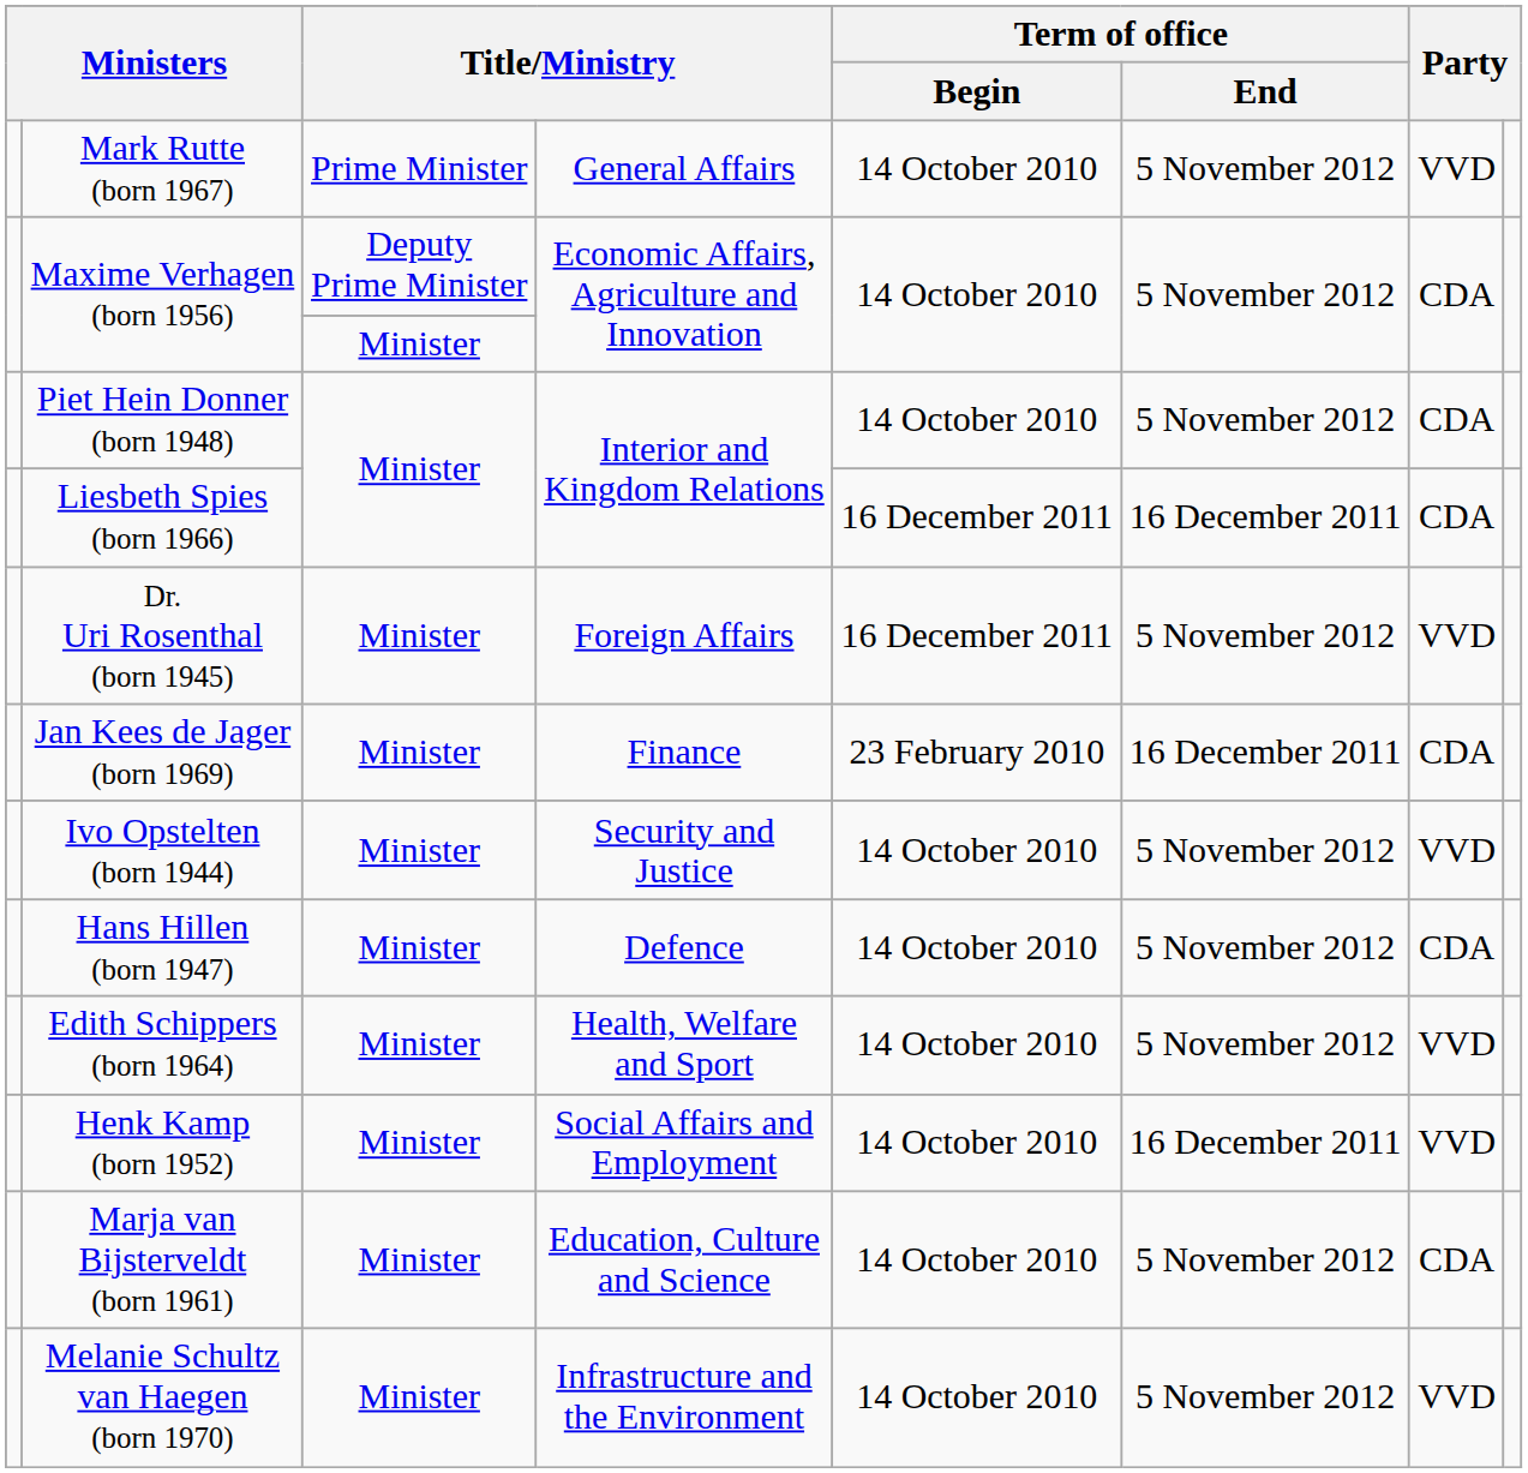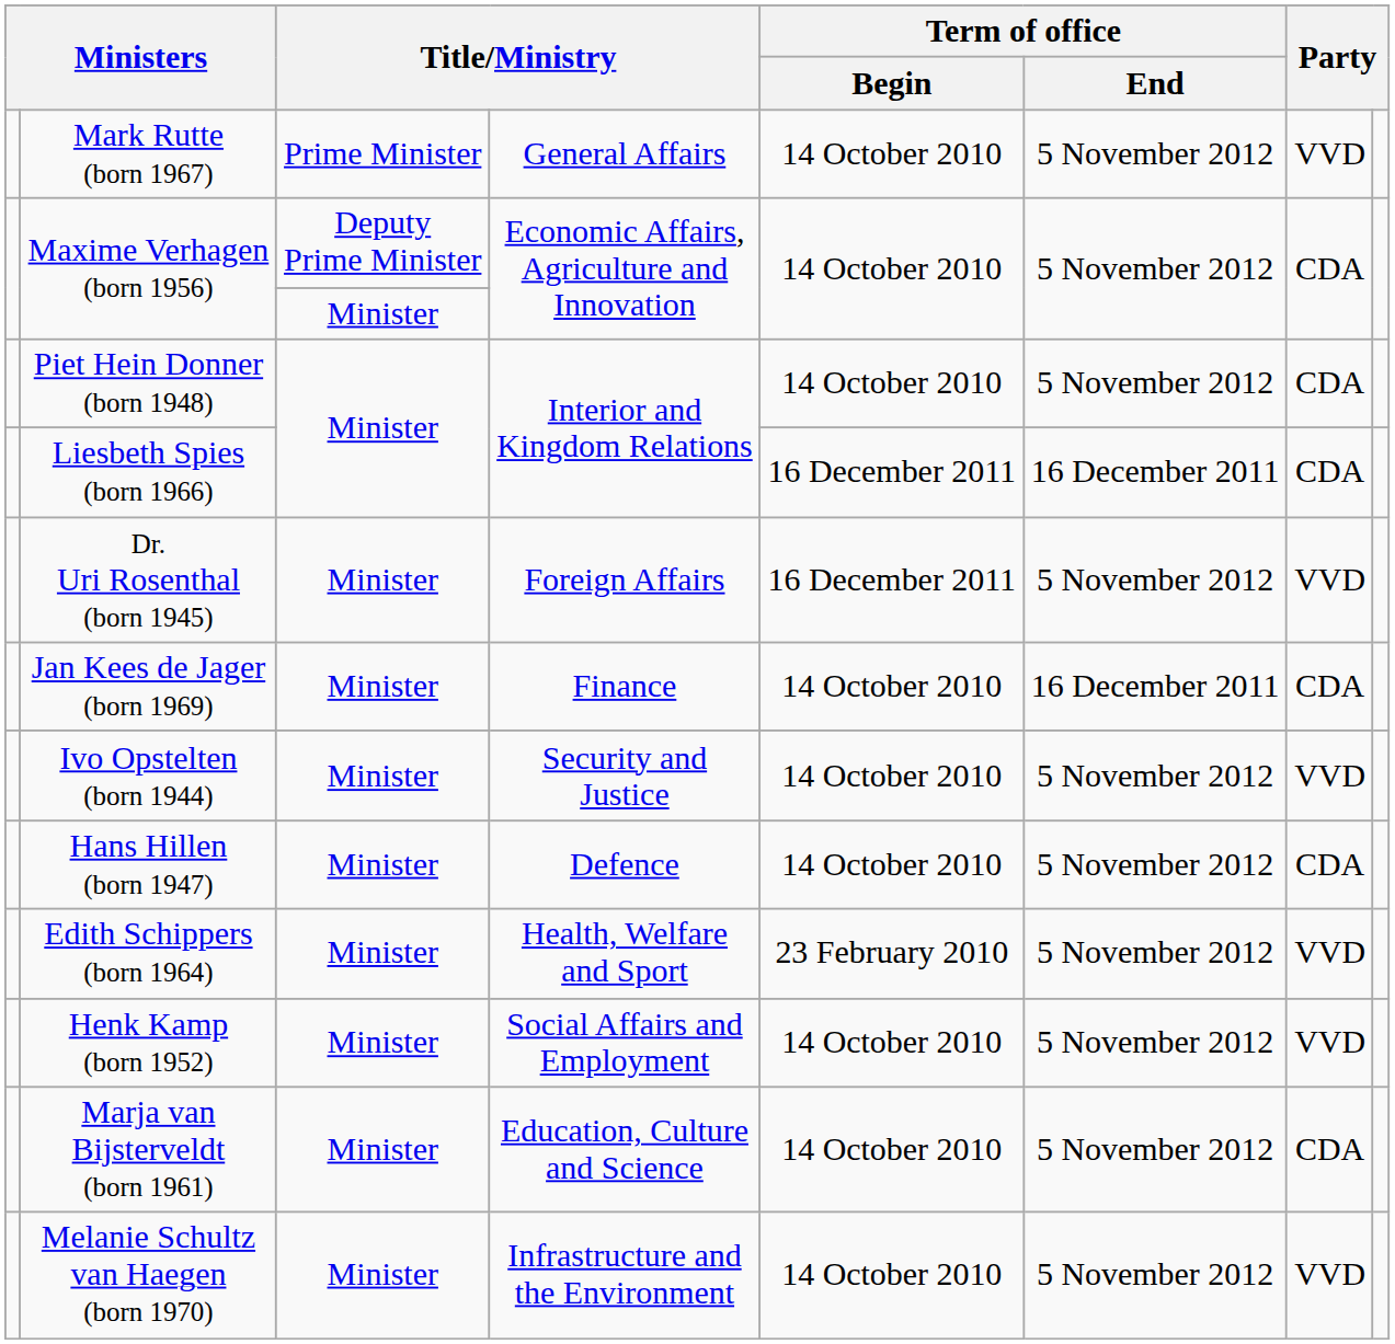 <table class="wikitable sortable" style="text-align:center">
 <tr>
 <th rowspan=2 colspan=2><a href='#'>Ministers</a></th>
 <th colspan=2 rowspan=2>Title/<a href='#'>Ministry</a></th>
 <th class=unsortable colspan="2">Term of office</th>
 <th rowspan=2 colspan=2>Party</th>
 </tr>
 <tr>
 <th data-sort-type=date>Begin</th>
 <th data-sort-type=date>End</th>
 </tr>
 <tr>
 <td></td>
 <td><a href='#'>Mark Rutte</a> <br> <small>(born 1967)</small></td>
 <td><a href='#'>Prime Minister</a></td>
 <td><a href='#'>General Affairs</a></td>
 <td>14 October 2010</td>
 <td>5 November 2012</td>
 <td>VVD</td>
 <td style="background:"></td>
 </tr>
 <tr>
 <td rowspan=2></td>
 <td rowspan=2><a href='#'>Maxime Verhagen</a> <br> <small>(born 1956)</small></td>
 <td><a href='#'>Deputy <br> Prime Minister</a></td>
 <td rowspan=2><a href='#'>Economic Affairs</a>, <br> <a href='#'>Agriculture and <br> Innovation</a></td>
 <td rowspan=2>14 October 2010</td>
 <td rowspan=2>5 November 2012</td>
 <td rowspan=2>CDA</td>
 <td rowspan=2 style="background:"></td>
 </tr>
 <tr>
 <td><a href='#'>Minister</a></td>
 </tr>
 <tr>
 <td></td>
 <td><a href='#'>Piet Hein Donner</a> <br> <small>(born 1948)</small></td>
 <td rowspan=2><a href='#'>Minister</a></td>
 <td rowspan=2><a href='#'>Interior and <br> Kingdom Relations</a></td>
 <td>14 October 2010</td>
 <td>5 November 2012</td>
 <td>CDA</td>
 <td style="background:"></td>
 </tr>
 <tr>
 <td></td>
 <td><a href='#'>Liesbeth Spies</a> <br> <small>(born 1966)</small></td>
 <td>16 December 2011</td>
 <td>16 December 2011</td>
 <td>CDA</td>
 <td style="background:"></td>
 </tr>
 <tr>
 <td></td>
 <td><small>Dr.</small> <br> <a href='#'>Uri Rosenthal</a> <br> <small>(born 1945)</small></td>
 <td><a href='#'>Minister</a></td>
 <td><a href='#'>Foreign Affairs</a></td>
 <td>16 December 2011</td>
 <td>5 November 2012</td>
 <td>VVD</td>
 <td style="background:"></td>
 </tr>
 <tr>
 <td></td>
 <td><a href='#'>Jan Kees de Jager</a> <br> <small>(born 1969)</small></td>
 <td><a href='#'>Minister</a></td>
 <td><a href='#'>Finance</a></td>
-<td>23 February 2010</td>
+<td>14 October 2010</td>
 <td>16 December 2011</td>
 <td>CDA</td>
 <td style="background:"></td>
 </tr>
 <tr>
 <td></td>
 <td><a href='#'>Ivo Opstelten</a> <br> <small>(born 1944)</small></td>
 <td><a href='#'>Minister</a></td>
 <td><a href='#'>Security and <br> Justice</a></td>
 <td>14 October 2010</td>
 <td>5 November 2012</td>
 <td>VVD</td>
 <td style="background:"></td>
 </tr>
 <tr>
 <td></td>
 <td><a href='#'>Hans Hillen</a> <br> <small>(born 1947)</small></td>
 <td><a href='#'>Minister</a></td>
 <td><a href='#'>Defence</a></td>
 <td>14 October 2010</td>
 <td>5 November 2012</td>
 <td>CDA</td>
 <td style="background:"></td>
 </tr>
 <tr>
 <td></td>
 <td><a href='#'>Edith Schippers</a> <br> <small>(born 1964)</small></td>
 <td><a href='#'>Minister</a></td>
 <td><a href='#'>Health, Welfare <br> and Sport</a></td>
-<td>14 October 2010</td>
+<td>23 February 2010</td>
 <td>5 November 2012</td>
 <td>VVD</td>
 <td style="background:"></td>
 </tr>
 <tr>
 <td></td>
 <td><a href='#'>Henk Kamp</a> <br> <small>(born 1952)</small></td>
 <td><a href='#'>Minister</a></td>
 <td><a href='#'>Social Affairs and <br> Employment</a></td>
 <td>14 October 2010</td>
-<td>16 December 2011</td>
+<td>5 November 2012</td>
 <td>VVD</td>
 <td style="background:"></td>
 </tr>
 <tr>
 <td></td>
 <td><a href='#'>Marja van <br> Bijsterveldt</a> <br> <small>(born 1961)</small></td>
 <td><a href='#'>Minister</a></td>
 <td><a href='#'>Education, Culture <br> and Science</a></td>
 <td>14 October 2010</td>
 <td>5 November 2012</td>
 <td>CDA</td>
 <td style="background:"></td>
 </tr>
 <tr>
 <td></td>
 <td><a href='#'>Melanie Schultz <br> van Haegen</a> <br> <small>(born 1970)</small></td>
 <td><a href='#'>Minister</a></td>
 <td><a href='#'>Infrastructure and <br> the Environment</a></td>
 <td>14 October 2010</td>
 <td>5 November 2012</td>
 <td>VVD</td>
 <td style="background:"></td>
 </tr>
 </table>
